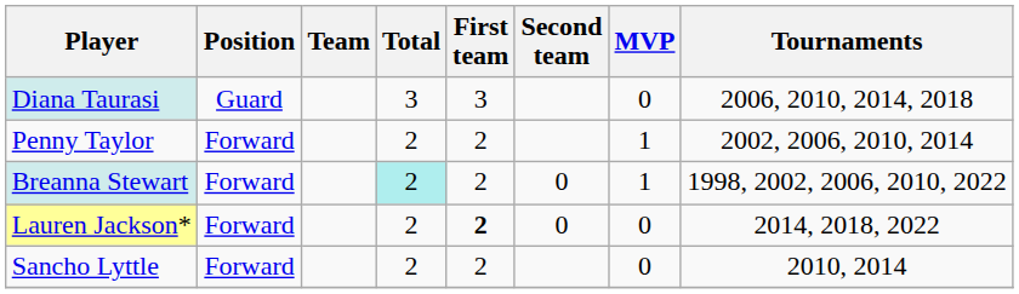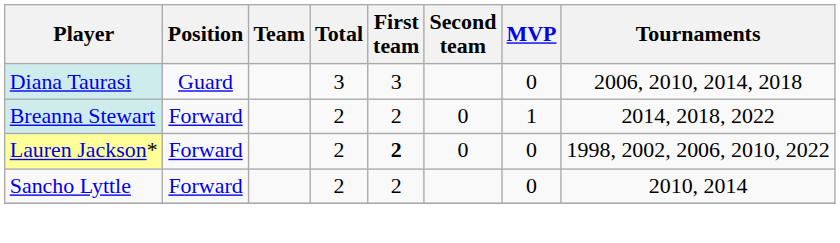 <table class="wikitable sortable">
 <tr>
 <th>Player</th>
 <th>Position</th>
 <th>Team</th>
 <th>Total</th>
 <th>First <br> team</th>
 <th>Second <br> team</th>
 <th><a href='#'>MVP</a></th>
 <th>Tournaments</th>
 </tr>
 <tr>
 <td style="background-color:#CFECEC; align=left"><a href='#'>Diana Taurasi</a></td>
 <td align="center"><a href='#'>Guard</a></td>
 <td align="center"></td>
 <td align="center">3</td>
 <td align="center">3</td>
 <td></td>
 <td align="center">0</td>
 <td align="center">2006, 2010, 2014, 2018</td>
 </tr>
 <tr>
-<td align=left><a href='#'>Penny Taylor</a></td>
+<td style="background-color:#CFECEC; align=left"><a href='#'>Breanna Stewart</a></td>
 <td align="center"><a href='#'>Forward</a></td>
 <td align="center"></td>
 <td align="center">2</td>
 <td align="center">2</td>
-<td></td>
-<td align="center">1</td>
-<td align="center">2002, 2006, 2010, 2014</td>
-</tr>
-<tr>
-<td style="background-color:#CFECEC; align=left"><a href='#'>Breanna Stewart</a></td>
-<td align="center"><a href='#'>Forward</a></td>
-<td align="center"></td>
-<td align="center" style="background: paleturquoise;">2</td>
-<td align="center">2</td>
 <td align="center">0</td>
 <td align="center">1</td>
-<td align="center">1998, 2002, 2006, 2010, 2022</td>
+<td align="center">2014, 2018, 2022</td>
 </tr>
 <tr>
 <td style="background-color:#FFFF99; align=left"><a href='#'>Lauren Jackson</a>*</td>
 <td align="center"><a href='#'>Forward</a></td>
 <td align="center"></td>
 <td align="center">2</td>
 <td align="center"><strong>2</strong></td>
 <td align="center">0</td>
 <td align="center">0</td>
-<td align="center">2014, 2018, 2022</td>
+<td align="center">1998, 2002, 2006, 2010, 2022</td>
 </tr>
 <tr>
 <td align=left><a href='#'>Sancho Lyttle</a></td>
 <td align="center"><a href='#'>Forward</a></td>
 <td align="center"></td>
 <td align="center">2</td>
 <td align="center">2</td>
 <td></td>
 <td align="center">0</td>
 <td align="center">2010, 2014</td>
 </tr>
 <tr>
 </tr>
 </table>
